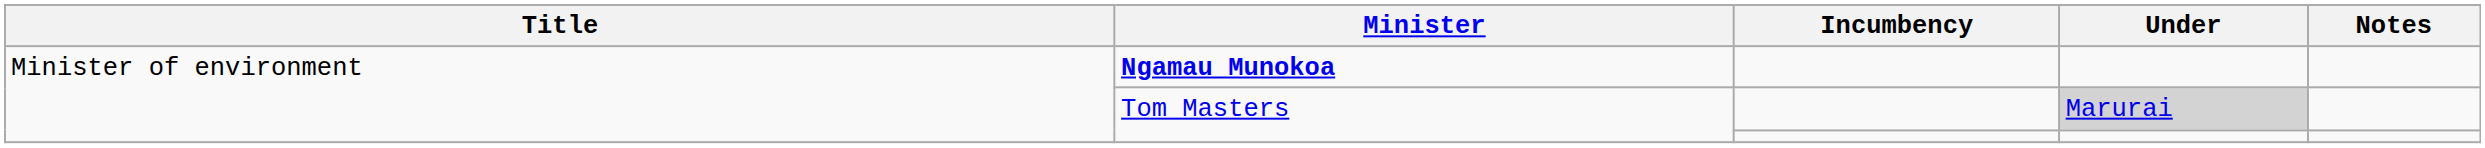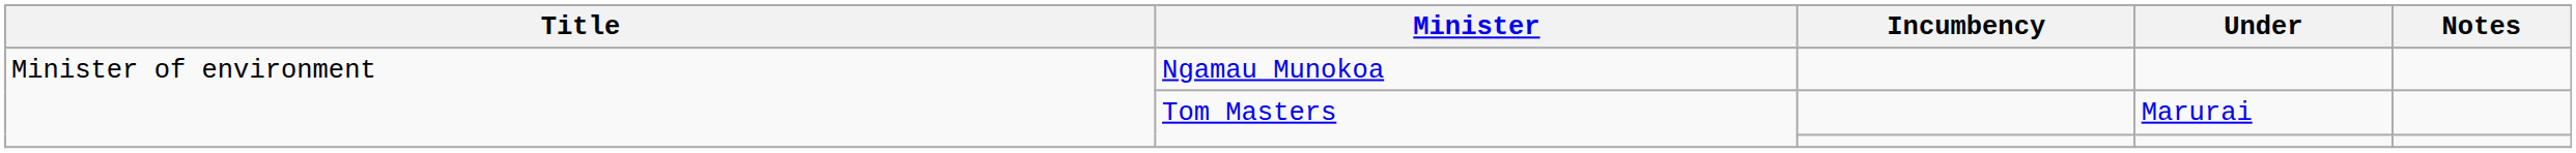 <table class="wikitable" style="width:100%;">
 <tr>
 <th>Title</th>
 <th style="width:25%;"><a href='#'>Minister</a></th>
 <th style="width:160px;">Incumbency</th>
 <th style="width:10%;">Under</th>
 <th style="width:7%;">Notes</th>
 </tr>
 <tr>
 <td rowspan="3" style="vertical-align:top;">Minister of environment</td>
-<td><strong><a href='#'>Ngamau Munokoa</a></strong></td>
+<td><a href='#'>Ngamau Munokoa</a></td>
 <td></td>
 <td></td>
 <td></td>
 </tr>
 <tr>
 <td rowspan="2" style="vertical-align:top;"><a href='#'>Tom Masters</a></td>
 <td></td>
-<td style="background: lightgrey;"><a href='#'>Marurai</a></td>
+<td><a href='#'>Marurai</a></td>
 <td></td>
 </tr>
 <tr>
 <td></td>
 <td></td>
 <td></td>
 </tr>
 </table>
